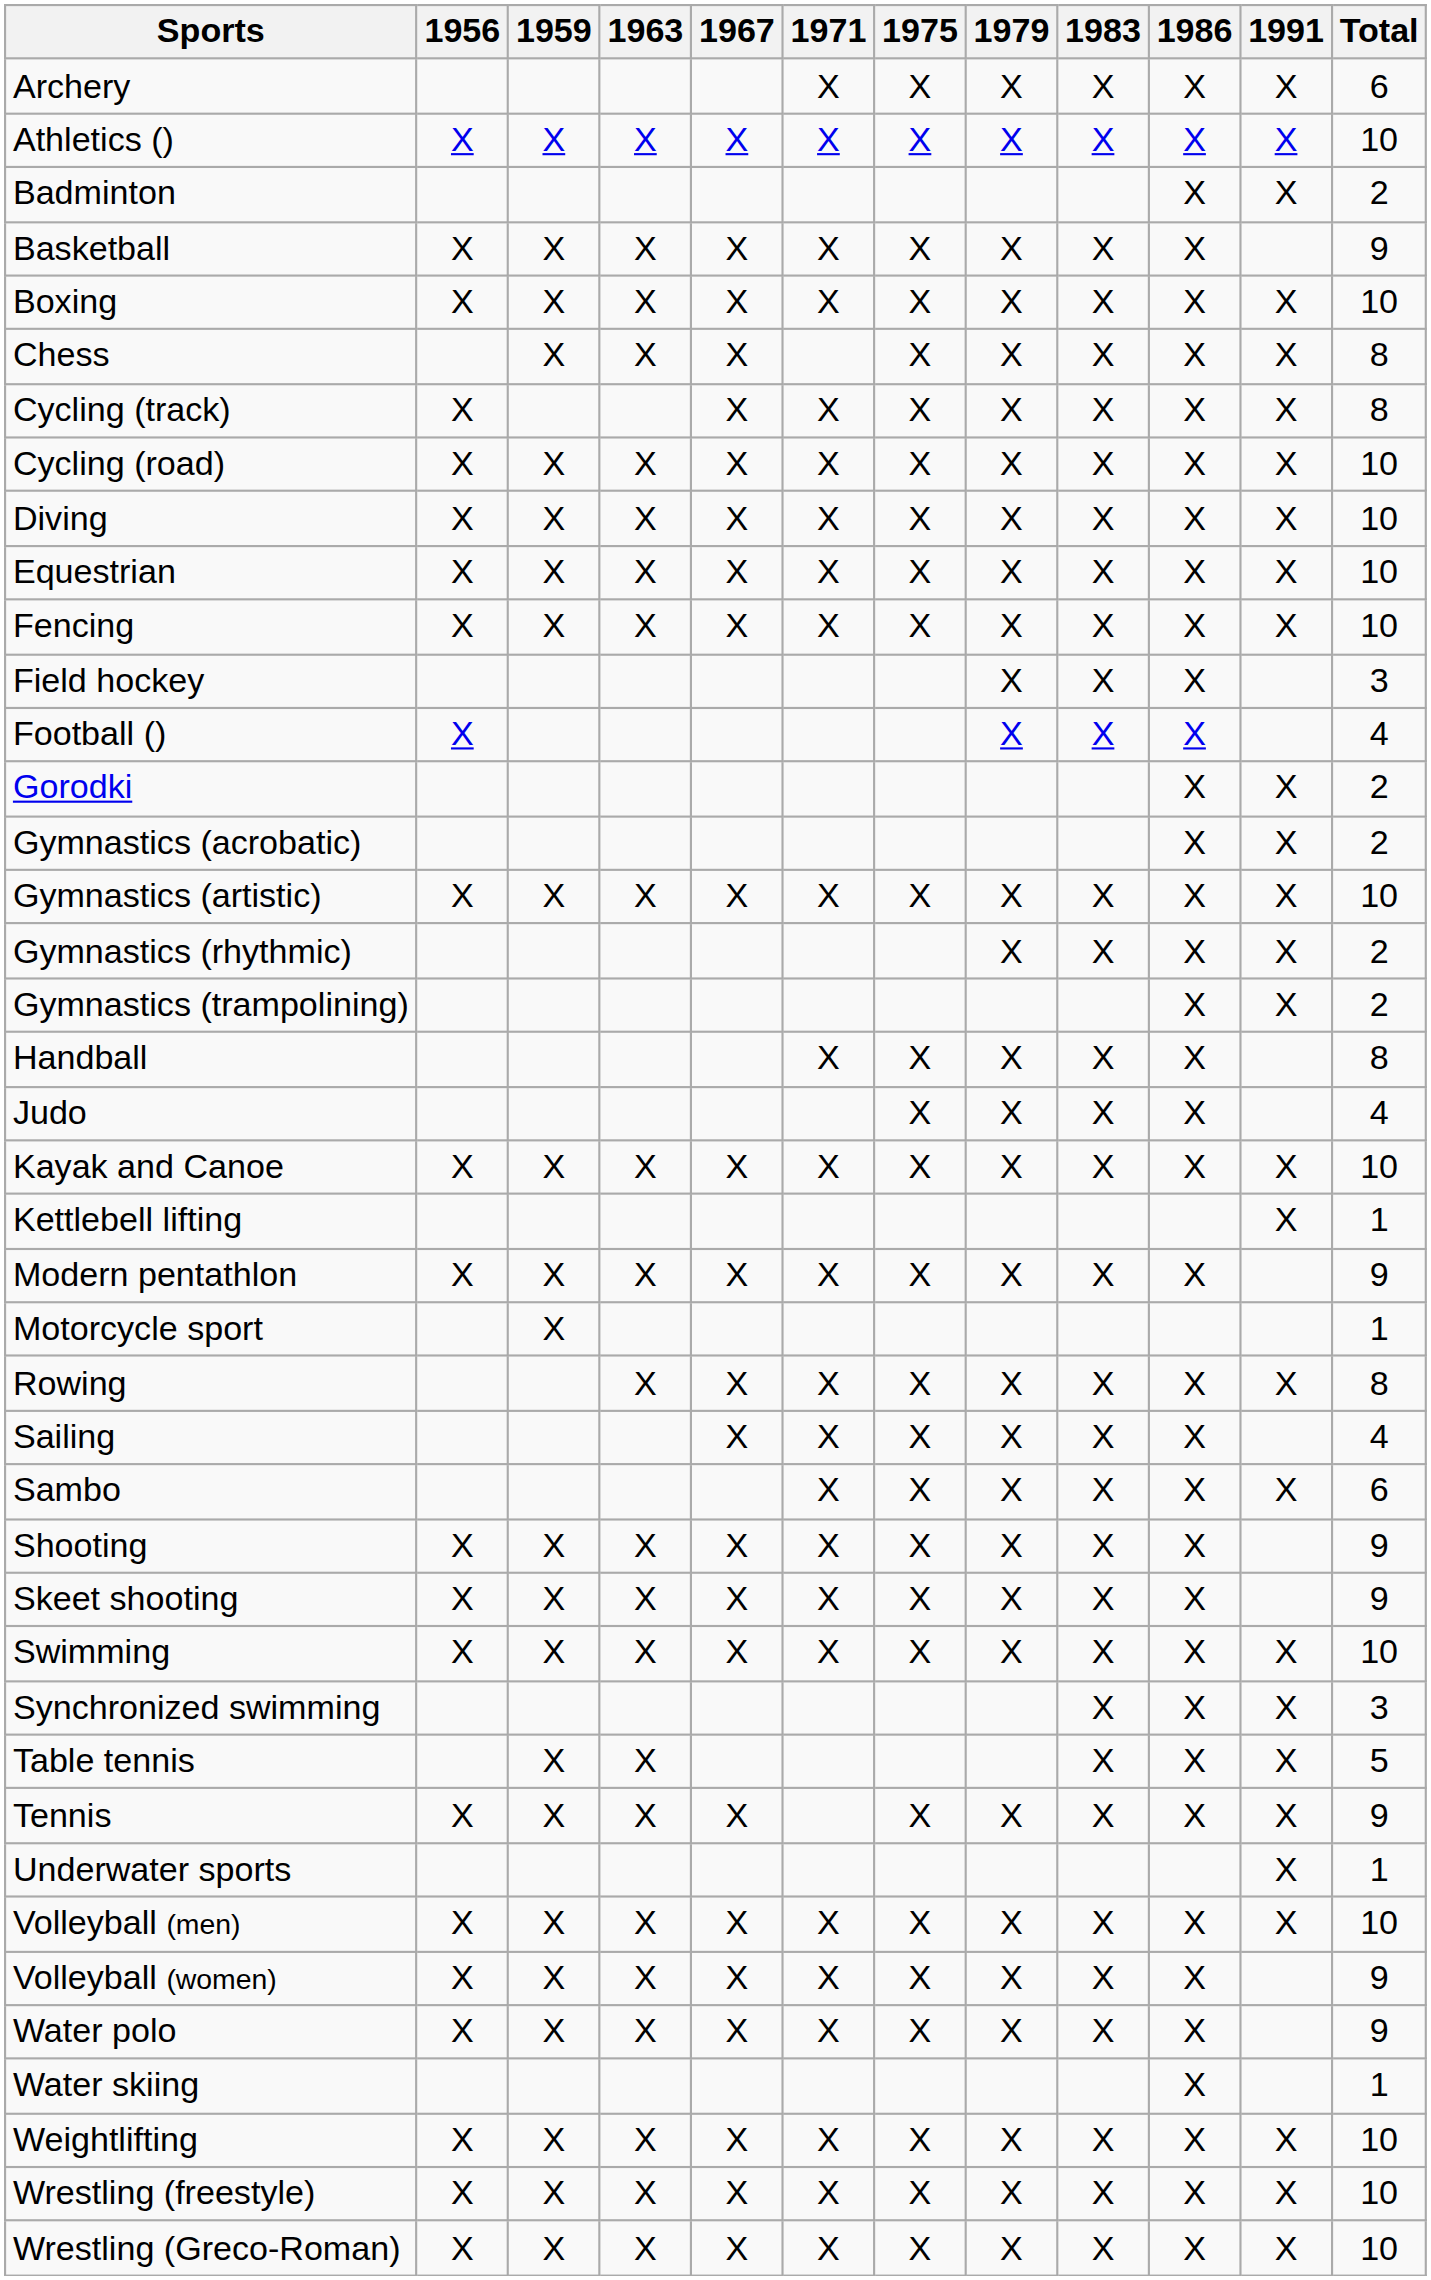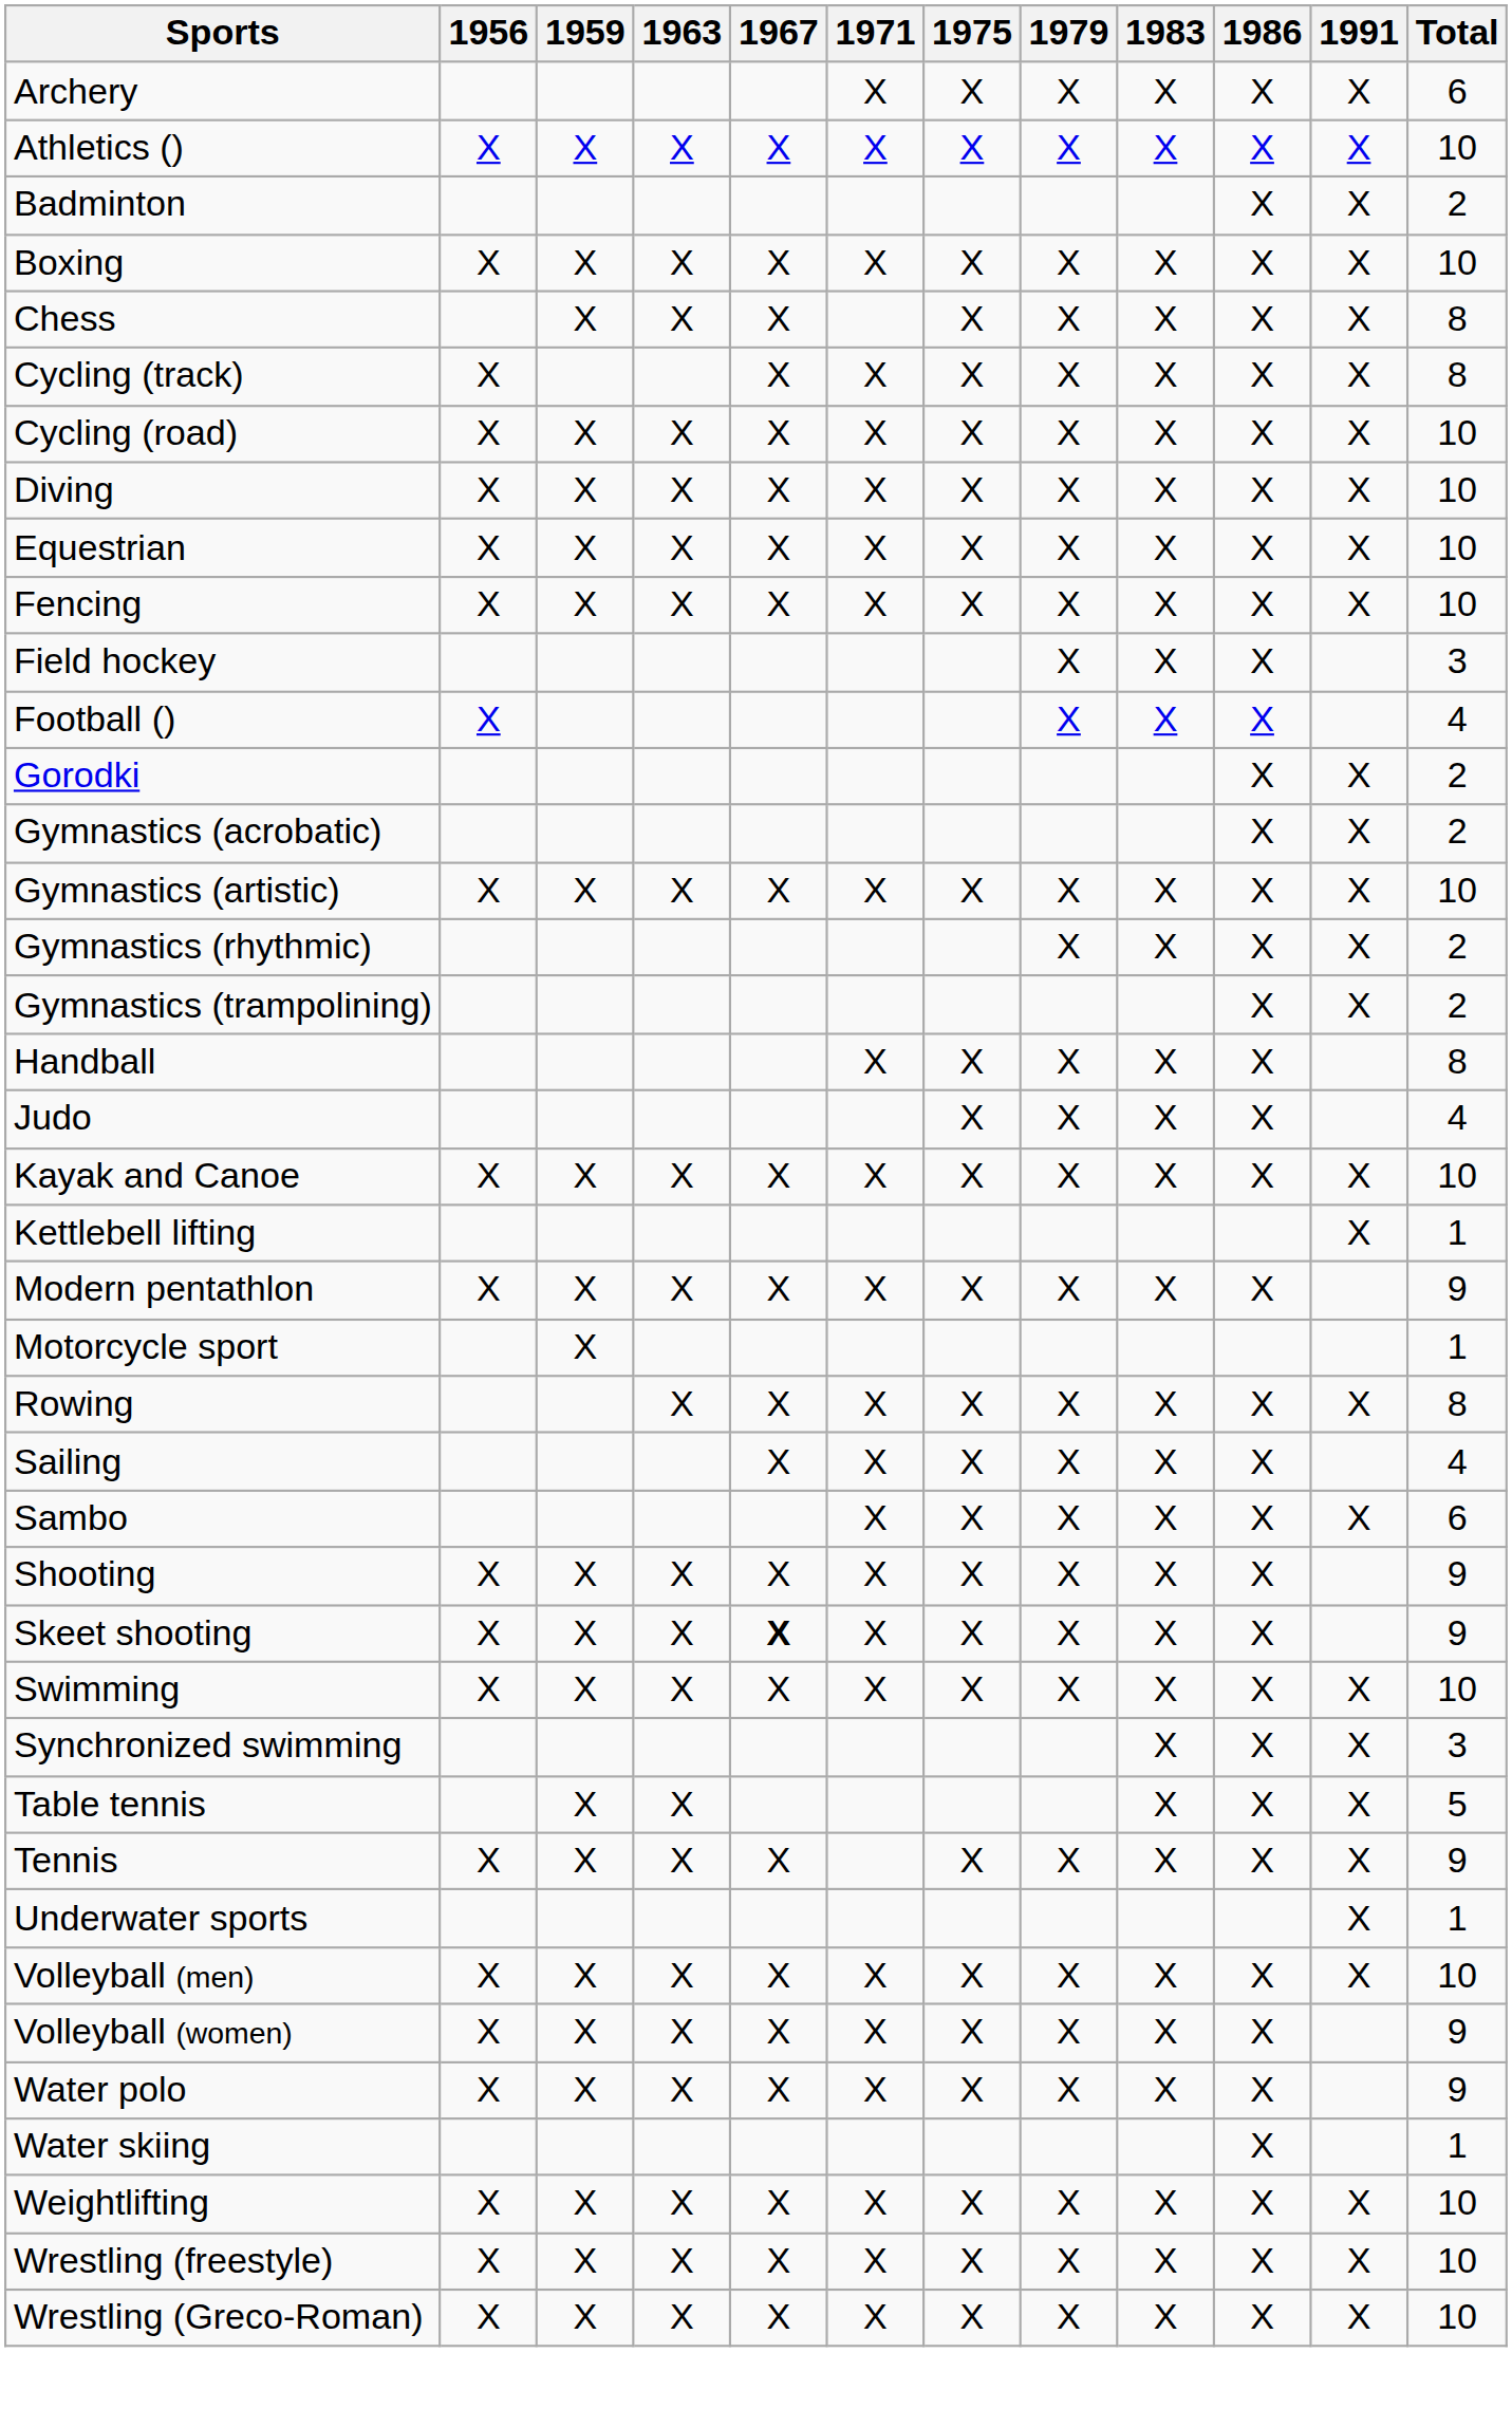 <table class="wikitable">
 <tr>
 <th>Sports</th>
 <th>1956</th>
 <th>1959</th>
 <th>1963</th>
 <th>1967</th>
 <th>1971</th>
 <th>1975</th>
 <th>1979</th>
 <th>1983</th>
 <th>1986</th>
 <th>1991</th>
 <th>Total</th>
 </tr>
 <tr align=center>
 <td align=left>Archery</td>
 <td></td>
 <td></td>
 <td></td>
 <td></td>
 <td>X</td>
 <td>X</td>
 <td>X</td>
 <td>X</td>
 <td>X</td>
 <td>X</td>
 <td>6</td>
 </tr>
 <tr align=center>
 <td align=left>Athletics ()</td>
 <td><a href='#'>X</a></td>
 <td><a href='#'>X</a></td>
 <td><a href='#'>X</a></td>
 <td><a href='#'>X</a></td>
 <td><a href='#'>X</a></td>
 <td><a href='#'>X</a></td>
 <td><a href='#'>X</a></td>
 <td><a href='#'>X</a></td>
 <td><a href='#'>X</a></td>
 <td><a href='#'>X</a></td>
 <td>10</td>
 </tr>
 <tr align=center>
 <td align=left>Badminton</td>
 <td></td>
 <td></td>
 <td></td>
 <td></td>
 <td></td>
 <td></td>
 <td></td>
 <td></td>
 <td>X</td>
 <td>X</td>
 <td>2</td>
-</tr>
-<tr align=center>
-<td align=left>Basketball</td>
-<td>X</td>
-<td>X</td>
-<td>X</td>
-<td>X</td>
-<td>X</td>
-<td>X</td>
-<td>X</td>
-<td>X</td>
-<td>X</td>
-<td></td>
-<td>9</td>
 </tr>
 <tr align=center>
 <td align=left>Boxing</td>
 <td>X</td>
 <td>X</td>
 <td>X</td>
 <td>X</td>
 <td>X</td>
 <td>X</td>
 <td>X</td>
 <td>X</td>
 <td>X</td>
 <td>X</td>
 <td>10</td>
 </tr>
 <tr align=center>
 <td align=left>Chess</td>
 <td></td>
 <td>X</td>
 <td>X</td>
 <td>X</td>
 <td></td>
 <td>X</td>
 <td>X</td>
 <td>X</td>
 <td>X</td>
 <td>X</td>
 <td>8</td>
 </tr>
 <tr align=center>
 <td align=left>Cycling (track)</td>
 <td>X</td>
 <td></td>
 <td></td>
 <td>X</td>
 <td>X</td>
 <td>X</td>
 <td>X</td>
 <td>X</td>
 <td>X</td>
 <td>X</td>
 <td>8</td>
 </tr>
 <tr align=center>
 <td align=left>Cycling (road)</td>
 <td>X</td>
 <td>X</td>
 <td>X</td>
 <td>X</td>
 <td>X</td>
 <td>X</td>
 <td>X</td>
 <td>X</td>
 <td>X</td>
 <td>X</td>
 <td>10</td>
 </tr>
 <tr align=center>
 <td align=left>Diving</td>
 <td>X</td>
 <td>X</td>
 <td>X</td>
 <td>X</td>
 <td>X</td>
 <td>X</td>
 <td>X</td>
 <td>X</td>
 <td>X</td>
 <td>X</td>
 <td>10</td>
 </tr>
 <tr align=center>
 <td align=left>Equestrian</td>
 <td>X</td>
 <td>X</td>
 <td>X</td>
 <td>X</td>
 <td>X</td>
 <td>X</td>
 <td>X</td>
 <td>X</td>
 <td>X</td>
 <td>X</td>
 <td>10</td>
 </tr>
 <tr align=center>
 <td align=left>Fencing</td>
 <td>X</td>
 <td>X</td>
 <td>X</td>
 <td>X</td>
 <td>X</td>
 <td>X</td>
 <td>X</td>
 <td>X</td>
 <td>X</td>
 <td>X</td>
 <td>10</td>
 </tr>
 <tr align=center>
 <td align=left>Field hockey</td>
 <td></td>
 <td></td>
 <td></td>
 <td></td>
 <td></td>
 <td></td>
 <td>X</td>
 <td>X</td>
 <td>X</td>
 <td></td>
 <td>3</td>
 </tr>
 <tr align=center>
 <td align=left>Football ()</td>
 <td><a href='#'>X</a></td>
 <td></td>
 <td></td>
 <td></td>
 <td></td>
 <td></td>
 <td><a href='#'>X</a></td>
 <td><a href='#'>X</a></td>
 <td><a href='#'>X</a></td>
 <td></td>
 <td>4</td>
 </tr>
 <tr align=center>
 <td align=left><a href='#'>Gorodki</a></td>
 <td></td>
 <td></td>
 <td></td>
 <td></td>
 <td></td>
 <td></td>
 <td></td>
 <td></td>
 <td>X</td>
 <td>X</td>
 <td>2</td>
 </tr>
 <tr align=center>
 <td align=left>Gymnastics (acrobatic)</td>
 <td></td>
 <td></td>
 <td></td>
 <td></td>
 <td></td>
 <td></td>
 <td></td>
 <td></td>
 <td>X</td>
 <td>X</td>
 <td>2</td>
 </tr>
 <tr align=center>
 <td align=left>Gymnastics (artistic)</td>
 <td>X</td>
 <td>X</td>
 <td>X</td>
 <td>X</td>
 <td>X</td>
 <td>X</td>
 <td>X</td>
 <td>X</td>
 <td>X</td>
 <td>X</td>
 <td>10</td>
 </tr>
 <tr align=center>
 <td align=left>Gymnastics (rhythmic)</td>
 <td></td>
 <td></td>
 <td></td>
 <td></td>
 <td></td>
 <td></td>
 <td>X</td>
 <td>X</td>
 <td>X</td>
 <td>X</td>
 <td>2</td>
 </tr>
 <tr align=center>
 <td align=left>Gymnastics (trampolining)</td>
 <td></td>
 <td></td>
 <td></td>
 <td></td>
 <td></td>
 <td></td>
 <td></td>
 <td></td>
 <td>X</td>
 <td>X</td>
 <td>2</td>
 </tr>
 <tr align=center>
 <td align=left>Handball</td>
 <td></td>
 <td></td>
 <td></td>
 <td></td>
 <td>X</td>
 <td>X</td>
 <td>X</td>
 <td>X</td>
 <td>X</td>
 <td></td>
 <td>8</td>
 </tr>
 <tr align=center>
 <td align=left>Judo</td>
 <td></td>
 <td></td>
 <td></td>
 <td></td>
 <td></td>
 <td>X</td>
 <td>X</td>
 <td>X</td>
 <td>X</td>
 <td></td>
 <td>4</td>
 </tr>
 <tr align=center>
 <td align=left>Kayak and Canoe</td>
 <td>X</td>
 <td>X</td>
 <td>X</td>
 <td>X</td>
 <td>X</td>
 <td>X</td>
 <td>X</td>
 <td>X</td>
 <td>X</td>
 <td>X</td>
 <td>10</td>
 </tr>
 <tr align=center>
 <td align=left>Kettlebell lifting</td>
 <td></td>
 <td></td>
 <td></td>
 <td></td>
 <td></td>
 <td></td>
 <td></td>
 <td></td>
 <td></td>
 <td>X</td>
 <td>1</td>
 </tr>
 <tr align=center>
 <td align=left>Modern pentathlon</td>
 <td>X</td>
 <td>X</td>
 <td>X</td>
 <td>X</td>
 <td>X</td>
 <td>X</td>
 <td>X</td>
 <td>X</td>
 <td>X</td>
 <td></td>
 <td>9</td>
 </tr>
 <tr align=center>
 <td align=left>Motorcycle sport</td>
 <td></td>
 <td>X</td>
 <td></td>
 <td></td>
 <td></td>
 <td></td>
 <td></td>
 <td></td>
 <td></td>
 <td></td>
 <td>1</td>
 </tr>
 <tr align=center>
 <td align=left>Rowing</td>
 <td></td>
 <td></td>
 <td>X</td>
 <td>X</td>
 <td>X</td>
 <td>X</td>
 <td>X</td>
 <td>X</td>
 <td>X</td>
 <td>X</td>
 <td>8</td>
 </tr>
 <tr align=center>
 <td align=left>Sailing</td>
 <td></td>
 <td></td>
 <td></td>
 <td>X</td>
 <td>X</td>
 <td>X</td>
 <td>X</td>
 <td>X</td>
 <td>X</td>
 <td></td>
 <td>4</td>
 </tr>
 <tr align=center>
 <td align=left>Sambo</td>
 <td></td>
 <td></td>
 <td></td>
 <td></td>
 <td>X</td>
 <td>X</td>
 <td>X</td>
 <td>X</td>
 <td>X</td>
 <td>X</td>
 <td>6</td>
 </tr>
 <tr align=center>
 <td align=left>Shooting</td>
 <td>X</td>
 <td>X</td>
 <td>X</td>
 <td>X</td>
 <td>X</td>
 <td>X</td>
 <td>X</td>
 <td>X</td>
 <td>X</td>
 <td></td>
 <td>9</td>
 </tr>
 <tr align=center>
 <td align=left>Skeet shooting</td>
 <td>X</td>
 <td>X</td>
 <td>X</td>
-<td>X</td>
+<td><strong>X</strong></td>
 <td>X</td>
 <td>X</td>
 <td>X</td>
 <td>X</td>
 <td>X</td>
 <td></td>
 <td>9</td>
 </tr>
 <tr align=center>
 <td align=left>Swimming</td>
 <td>X</td>
 <td>X</td>
 <td>X</td>
 <td>X</td>
 <td>X</td>
 <td>X</td>
 <td>X</td>
 <td>X</td>
 <td>X</td>
 <td>X</td>
 <td>10</td>
 </tr>
 <tr align=center>
 <td align=left>Synchronized swimming</td>
 <td></td>
 <td></td>
 <td></td>
 <td></td>
 <td></td>
 <td></td>
 <td></td>
 <td>X</td>
 <td>X</td>
 <td>X</td>
 <td>3</td>
 </tr>
 <tr align=center>
 <td align=left>Table tennis</td>
 <td></td>
 <td>X</td>
 <td>X</td>
 <td></td>
 <td></td>
 <td></td>
 <td></td>
 <td>X</td>
 <td>X</td>
 <td>X</td>
 <td>5</td>
 </tr>
 <tr align=center>
 <td align=left>Tennis</td>
 <td>X</td>
 <td>X</td>
 <td>X</td>
 <td>X</td>
 <td></td>
 <td>X</td>
 <td>X</td>
 <td>X</td>
 <td>X</td>
 <td>X</td>
 <td>9</td>
 </tr>
 <tr align=center>
 <td align=left>Underwater sports</td>
 <td></td>
 <td></td>
 <td></td>
 <td></td>
 <td></td>
 <td></td>
 <td></td>
 <td></td>
 <td></td>
 <td>X</td>
 <td>1</td>
 </tr>
 <tr align=center>
 <td align=left>Volleyball <small>(men)</small></td>
 <td>X</td>
 <td>X</td>
 <td>X</td>
 <td>X</td>
 <td>X</td>
 <td>X</td>
 <td>X</td>
 <td>X</td>
 <td>X</td>
 <td>X</td>
 <td>10</td>
 </tr>
 <tr align=center>
 <td align=left>Volleyball <small>(women)</small></td>
 <td>X</td>
 <td>X</td>
 <td>X</td>
 <td>X</td>
 <td>X</td>
 <td>X</td>
 <td>X</td>
 <td>X</td>
 <td>X</td>
 <td></td>
 <td>9</td>
 </tr>
 <tr align=center>
 <td align=left>Water polo</td>
 <td>X</td>
 <td>X</td>
 <td>X</td>
 <td>X</td>
 <td>X</td>
 <td>X</td>
 <td>X</td>
 <td>X</td>
 <td>X</td>
 <td></td>
 <td>9</td>
 </tr>
 <tr align=center>
 <td align=left>Water skiing</td>
 <td></td>
 <td></td>
 <td></td>
 <td></td>
 <td></td>
 <td></td>
 <td></td>
 <td></td>
 <td>X</td>
 <td></td>
 <td>1</td>
 </tr>
 <tr align=center>
 <td align=left>Weightlifting</td>
 <td>X</td>
 <td>X</td>
 <td>X</td>
 <td>X</td>
 <td>X</td>
 <td>X</td>
 <td>X</td>
 <td>X</td>
 <td>X</td>
 <td>X</td>
 <td>10</td>
 </tr>
 <tr align=center>
 <td align=left>Wrestling (freestyle)</td>
 <td>X</td>
 <td>X</td>
 <td>X</td>
 <td>X</td>
 <td>X</td>
 <td>X</td>
 <td>X</td>
 <td>X</td>
 <td>X</td>
 <td>X</td>
 <td>10</td>
 </tr>
 <tr align=center>
 <td align=left>Wrestling (Greco-Roman)</td>
 <td>X</td>
 <td>X</td>
 <td>X</td>
 <td>X</td>
 <td>X</td>
 <td>X</td>
 <td>X</td>
 <td>X</td>
 <td>X</td>
 <td>X</td>
 <td>10</td>
 </tr>
 </table>
